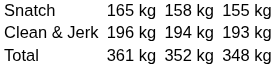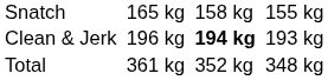 <table>
 <tr>
 <td>Snatch</td>
 <td></td>
 <td>165 kg</td>
 <td></td>
 <td>158 kg</td>
 <td></td>
 <td>155 kg</td>
 </tr>
 <tr>
 <td>Clean & Jerk</td>
 <td></td>
 <td>196 kg</td>
 <td></td>
-<td>194 kg</td>
+<td><strong>194 kg</strong></td>
 <td></td>
 <td>193 kg</td>
 </tr>
 <tr>
 <td>Total</td>
 <td></td>
 <td>361 kg</td>
 <td></td>
 <td>352 kg</td>
 <td></td>
 <td>348 kg</td>
 </tr>
 </table>
